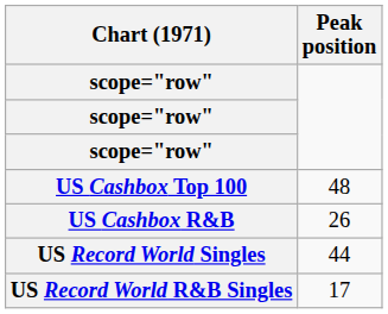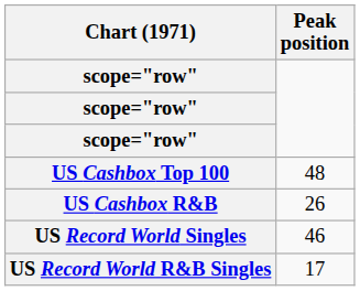 <table class="wikitable sortable plainrowheaders">
 <tr>
 <th scope="col">Chart (1971)</th>
 <th scope="col">Peak<br>position</th>
 </tr>
 <tr>
 <th>scope="row" </th>
 </tr>
 <tr>
 <th>scope="row" </th>
 </tr>
 <tr>
 <th>scope="row" </th>
 </tr>
 <tr>
 <th scope="row"><a href='#'>US <em>Cashbox</em> Top 100</a></th>
 <td style="text-align:center;">48</td>
 </tr>
 <tr>
 <th scope="row"><a href='#'>US <em>Cashbox</em> R&B</a></th>
 <td style="text-align:center;">26</td>
 </tr>
 <tr>
 <th scope="row">US <a href='#'><em>Record World</em> Singles</a></th>
-<td style="text-align:center;">44</td>
+<td style="text-align:center;">46</td>
 </tr>
 <tr>
 <th scope="row">US <a href='#'><em>Record World</em> R&B Singles</a></th>
 <td style="text-align:center;">17</td>
 </tr>
 </table>
